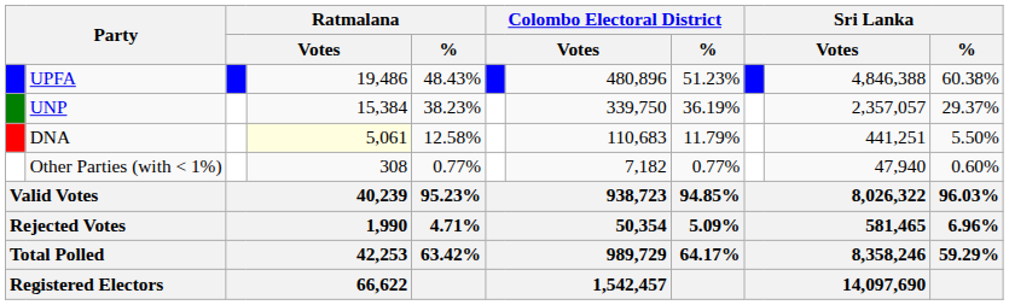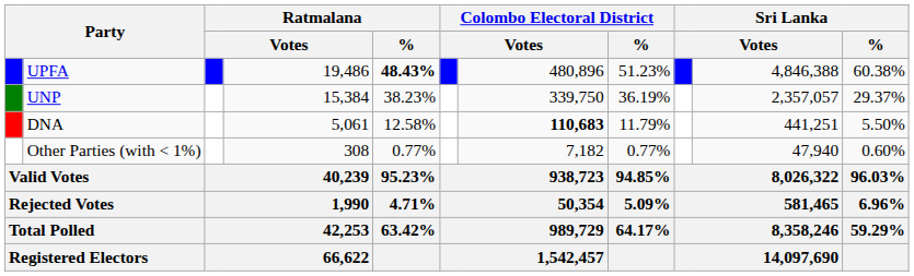 <table class="wikitable">
 <tr>
 <th colspan="2" width="144px"rowspan="2">Party</th>
 <th colspan="3" width="216px">Ratmalana</th>
 <th colspan="3" width="216px"><a href='#'>Colombo Electoral District</a></th>
 <th colspan="3" width="216px">Sri Lanka</th>
 </tr>
 <tr>
 <th colspan="2" width="144px">Votes</th>
 <th>%</th>
 <th colspan="2" width="144px">Votes</th>
 <th>%</th>
 <th colspan="2" width="144px">Votes</th>
 <th>%</th>
 </tr>
 <tr>
 <td style="background-color:blue;" width="10px"></td>
 <td style="text-align:left;"><a href='#'>UPFA</a></td>
 <td style="background-color:blue;" width="10px"></td>
 <td style="text-align:right;">19,486</td>
-<td style="text-align:right;">48.43%</td>
+<td style="text-align:right;"><strong>48.43%</strong></td>
 <td style="background-color:blue;" width="10px"></td>
 <td style="text-align:right;">480,896</td>
 <td style="text-align:right;">51.23%</td>
 <td style="background-color:blue;" width="10px"></td>
 <td style="text-align:right;">4,846,388</td>
 <td style="text-align:right;">60.38%</td>
 </tr>
 <tr>
 <td style="background-color:green;" width="10px"></td>
 <td style="text-align:left;"><a href='#'>UNP</a></td>
 <td style="background-color:white;" width="10px"></td>
 <td style="text-align:right;">15,384</td>
 <td style="text-align:right;">38.23%</td>
 <td style="background-color:white;" width="10px"></td>
 <td style="text-align:right;">339,750</td>
 <td style="text-align:right;">36.19%</td>
 <td style="background-color:white;" width="10px"></td>
 <td style="text-align:right;">2,357,057</td>
 <td style="text-align:right;">29.37%</td>
 </tr>
 <tr>
 <td style="background-color:red;" width="10px"></td>
 <td style="text-align:left;">DNA</td>
 <td style="background-color:white;" width="10px"></td>
-<td style="background: lightyellow; text-align:right;">5,061</td>
+<td style="text-align:right;">5,061</td>
 <td style="text-align:right;">12.58%</td>
 <td style="background-color:white;" width="10px"></td>
-<td style="text-align:right;">110,683</td>
+<td style="text-align:right;"><strong>110,683</strong></td>
 <td style="text-align:right;">11.79%</td>
 <td style="background-color:white;" width="10px"></td>
 <td style="text-align:right;">441,251</td>
 <td style="text-align:right;">5.50%</td>
 </tr>
 <tr>
 <td style="background-color:white;" width="10px"></td>
 <td style="text-align:left;">Other Parties (with < 1%)</td>
 <td style="background-color:white;" width="10px"></td>
 <td style="text-align:right;">308</td>
 <td style="text-align:right;">0.77%</td>
 <td style="background-color:white;" width="10px"></td>
 <td style="text-align:right;">7,182</td>
 <td style="text-align:right;">0.77%</td>
 <td style="background-color:white;" width="10px"></td>
 <td style="text-align:right;">47,940</td>
 <td style="text-align:right;">0.60%</td>
 </tr>
 <tr>
 <th colspan="2" width="144px"style="text-align:left;">Valid Votes</th>
 <th style="text-align:right;"colspan="2" width="144px">40,239</th>
 <th style="text-align:right;">95.23%</th>
 <th style="text-align:right;"colspan="2" width="144px">938,723</th>
 <th style="text-align:right;">94.85%</th>
 <th style="text-align:right;"colspan="2" width="144px">8,026,322</th>
 <th style="text-align:right;">96.03%</th>
 </tr>
 <tr>
 <th colspan="2" width="144px"style="text-align:left;">Rejected Votes</th>
 <th style="text-align:right;"colspan="2" width="144px">1,990</th>
 <th style="text-align:right;">4.71%</th>
 <th style="text-align:right;"colspan="2" width="144px">50,354</th>
 <th style="text-align:right;">5.09%</th>
 <th style="text-align:right;"colspan="2" width="144px">581,465</th>
 <th style="text-align:right;">6.96%</th>
 </tr>
 <tr>
 <th colspan="2" width="144px"style="text-align:left;">Total Polled</th>
 <th style="text-align:right;"colspan="2" width="144px">42,253</th>
 <th style="text-align:right;">63.42%</th>
 <th style="text-align:right;"colspan="2" width="144px">989,729</th>
 <th style="text-align:right;">64.17%</th>
 <th style="text-align:right;"colspan="2" width="144px">8,358,246</th>
 <th style="text-align:right;">59.29%</th>
 </tr>
 <tr>
 <th colspan="2" width="144px"style="text-align:left;">Registered Electors</th>
 <th style="text-align:right;"colspan="2" width="144px">66,622</th>
 <th></th>
 <th style="text-align:right;"colspan="2" width="144px">1,542,457</th>
 <th></th>
 <th style="text-align:right;"colspan="2" width="144px">14,097,690</th>
 <th></th>
 </tr>
 </table>
